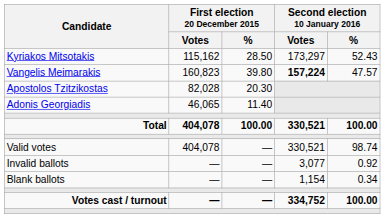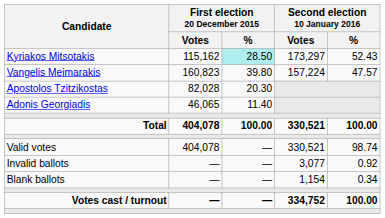 <table class="wikitable">
 <tr>
 <th width=250 rowspan=2>Candidate</th>
 <th width=150 colspan=2>First election<br><small>20 December 2015</small></th>
 <th width=150 colspan=2>Second election<br><small>10 January 2016</small></th>
 </tr>
 <tr>
 <th width=75>Votes</th>
 <th width=75>%</th>
 <th width=75>Votes</th>
 <th width=75>%</th>
 </tr>
 <tr>
 <td><a href='#'>Kyriakos Mitsotakis</a></td>
 <td align="right">115,162</td>
-<td align="right">28.50</td>
+<td align="right" style="background: paleturquoise;">28.50</td>
 <td align="right">173,297</td>
 <td align="right">52.43</td>
 </tr>
 <tr>
 <td><a href='#'>Vangelis Meimarakis</a></td>
 <td align="right">160,823</td>
 <td align="right">39.80</td>
-<td align="right"><strong>157,224</strong></td>
+<td align="right">157,224</td>
 <td align="right">47.57</td>
 </tr>
 <tr>
 <td><a href='#'>Apostolos Tzitzikostas</a></td>
 <td align="right">82,028</td>
 <td align="right">20.30</td>
 <td bgcolor=#E9E9E9 colspan=2></td>
 </tr>
 <tr>
 <td><a href='#'>Adonis Georgiadis</a></td>
 <td align="right">46,065</td>
 <td align="right">11.40</td>
 <td bgcolor=#E9E9E9 colspan=2></td>
 </tr>
 <tr>
 <td colspan="7" bgcolor="#E9E9E9"></td>
 </tr>
 <tr align="right">
 <td><strong>Total</strong></td>
 <td><strong>404,078</strong></td>
 <td><strong>100.00</strong></td>
 <td><strong>330,521</strong></td>
 <td><strong>100.00</strong></td>
 </tr>
 <tr>
 <td colspan="7" bgcolor="#E9E9E9"></td>
 </tr>
 <tr>
 <td>Valid votes</td>
 <td align="right">404,078</td>
 <td align="right">—</td>
 <td align="right">330,521</td>
 <td align="right">98.74</td>
 </tr>
 <tr>
 <td>Invalid ballots</td>
 <td align="right">—</td>
 <td align="right">—</td>
 <td align="right">3,077</td>
 <td align="right">0.92</td>
 </tr>
 <tr>
 <td>Blank ballots</td>
 <td align="right">—</td>
 <td align="right">—</td>
 <td align="right">1,154</td>
 <td align="right">0.34</td>
 </tr>
 <tr>
 <td colspan="7" bgcolor="#E9E9E9"></td>
 </tr>
 <tr align="right">
 <td><strong>Votes cast / turnout</strong></td>
 <td><strong>—</strong></td>
 <td><strong>—</strong></td>
 <td><strong>334,752</strong></td>
 <td><strong>100.00</strong></td>
 </tr>
 <tr>
 <td colspan="7" bgcolor="#E9E9E9"></td>
 </tr>
 </table>
